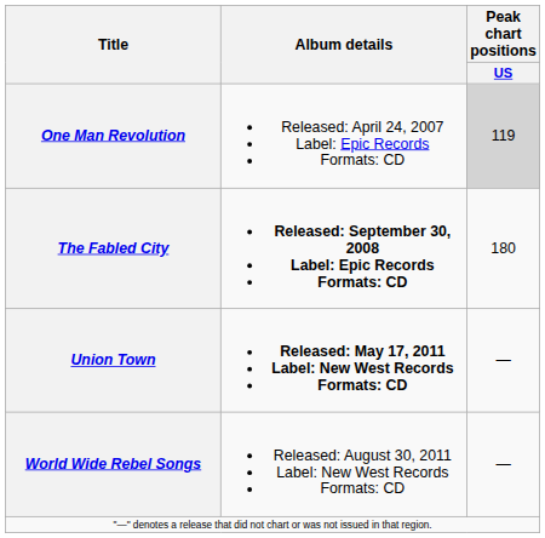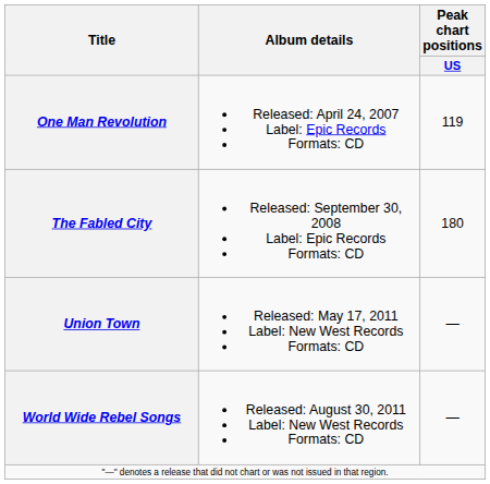 <table class="wikitable plainrowheaders" style="text-align:center;">
 <tr>
 <th scope="col" rowspan="2" style="width:14em;">Title</th>
 <th scope="col" rowspan="2" style="width:16em;">Album details</th>
 <th scope="col" colspan="1">Peak chart positions</th>
 </tr>
 <tr>
 <th scope="col" style="width:3em;font-size:90%;"><a href='#'>US</a><br></th>
 </tr>
 <tr>
 <th scope="row"><strong><em><a href='#'>One Man Revolution</a></em></strong></th>
 <td><br><ul><li>Released: April 24, 2007</li><li>Label: <a href='#'>Epic Records</a></li><li>Formats: CD</li></ul></td>
-<td style="background: lightgrey;">119</td>
+<td>119</td>
 </tr>
 <tr>
 <th scope="row"><strong><em><a href='#'>The Fabled City</a></em></strong></th>
-<td><strong><br><ul><li>Released: September 30, 2008</li><li>Label: Epic Records</li><li>Formats: CD</li></ul></strong></td>
+<td><br><ul><li>Released: September 30, 2008</li><li>Label: Epic Records</li><li>Formats: CD</li></ul></td>
 <td>180</td>
 </tr>
 <tr>
 <th scope="row"><strong><em><a href='#'>Union Town</a></em></strong></th>
-<td><strong><br><ul><li>Released: May 17, 2011</li><li>Label: New West Records</li><li>Formats: CD</li></ul></strong></td>
+<td><br><ul><li>Released: May 17, 2011</li><li>Label: New West Records</li><li>Formats: CD</li></ul></td>
 <td>—</td>
 </tr>
 <tr>
 <th scope="row"><strong><em><a href='#'>World Wide Rebel Songs</a></em></strong></th>
 <td><br><ul><li>Released: August 30, 2011</li><li>Label: New West Records</li><li>Formats: CD</li></ul></td>
 <td>—</td>
 </tr>
 <tr>
 <td align="center" colspan="13" style="font-size: 8pt">"—" denotes a release that did not chart or was not issued in that region.</td>
 </tr>
 </table>
